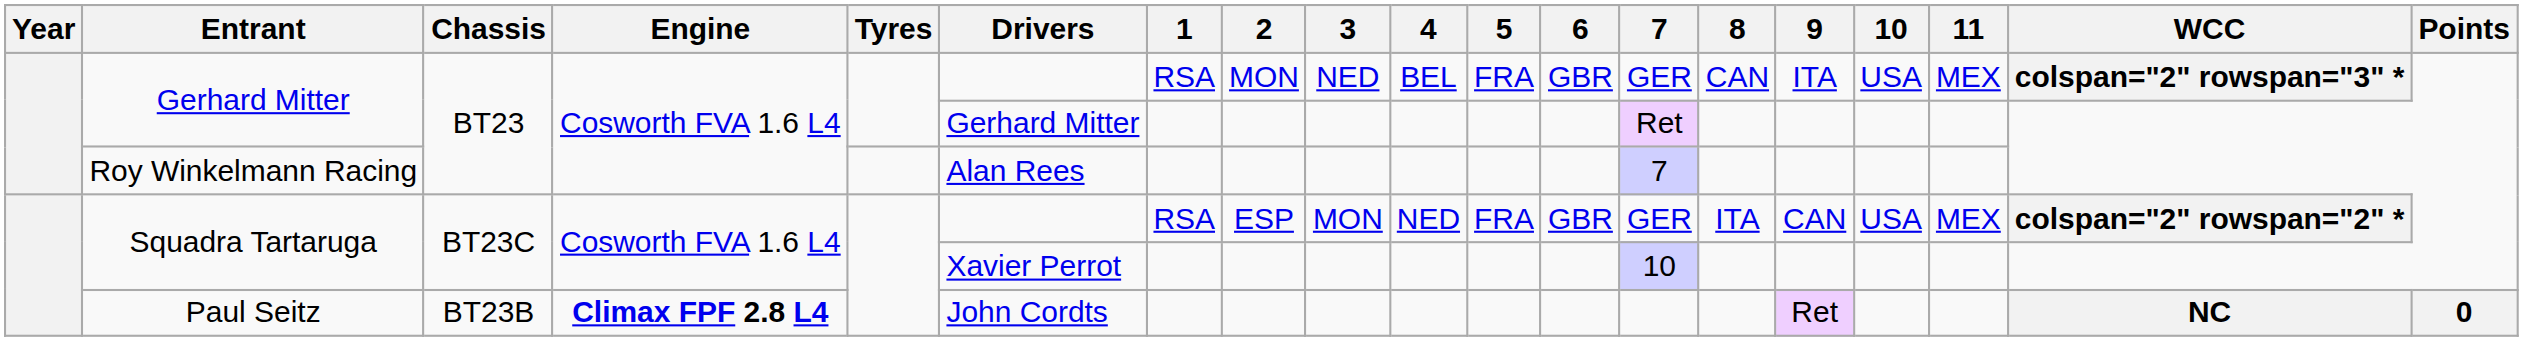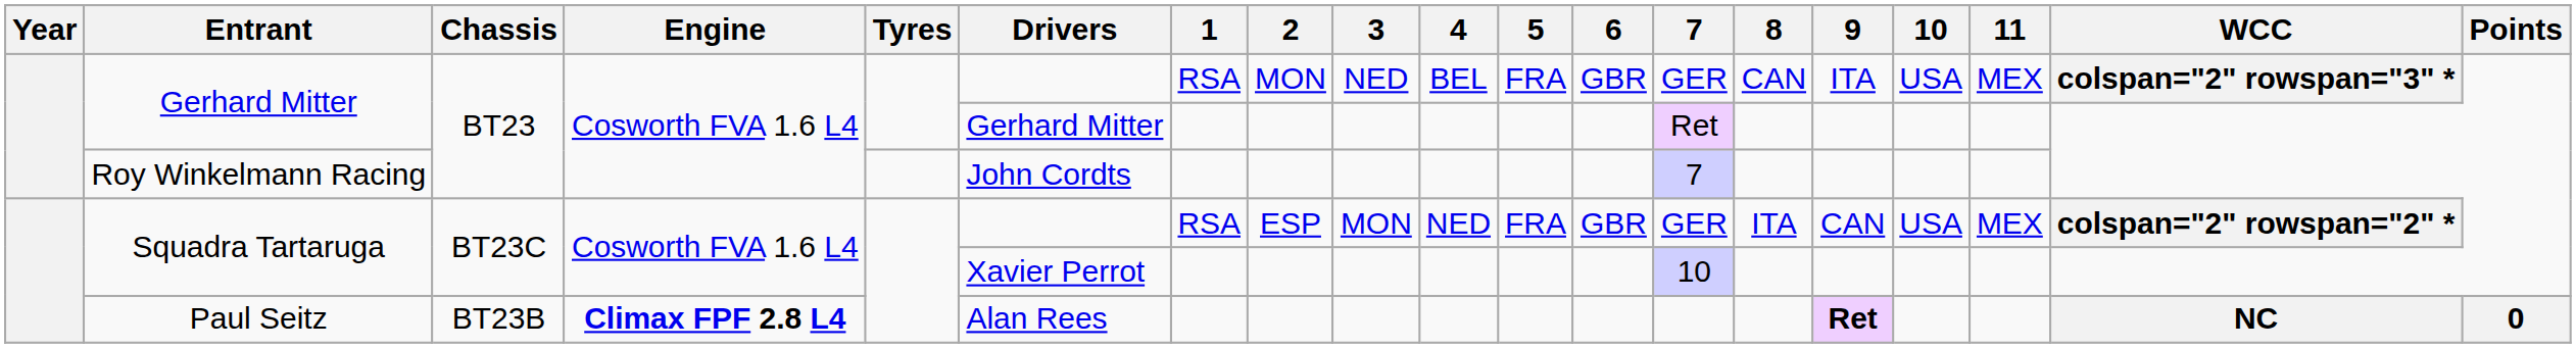 <table class="wikitable" style="font-size:90%; text-align:center">
 <tr>
 <th>Year</th>
 <th>Entrant</th>
 <th>Chassis</th>
 <th>Engine</th>
 <th>Tyres</th>
 <th>Drivers</th>
 <th>1</th>
 <th>2</th>
 <th>3</th>
 <th>4</th>
 <th>5</th>
 <th>6</th>
 <th>7</th>
 <th>8</th>
 <th>9</th>
 <th>10</th>
 <th>11</th>
 <th>WCC</th>
 <th>Points</th>
 </tr>
 <tr>
 <th rowspan="3"></th>
 <td rowspan="2"><a href='#'>Gerhard Mitter</a></td>
 <td rowspan="3">BT23</td>
 <td rowspan="3"><a href='#'>Cosworth FVA</a> 1.6 <a href='#'>L4</a></td>
 <td rowspan="2"></td>
 <td></td>
 <td><a href='#'>RSA</a></td>
 <td><a href='#'>MON</a></td>
 <td><a href='#'>NED</a></td>
 <td><a href='#'>BEL</a></td>
 <td><a href='#'>FRA</a></td>
 <td><a href='#'>GBR</a></td>
 <td><a href='#'>GER</a></td>
 <td><a href='#'>CAN</a></td>
 <td><a href='#'>ITA</a></td>
 <td><a href='#'>USA</a></td>
 <td><a href='#'>MEX</a></td>
 <th>colspan="2" rowspan="3" *</th>
 </tr>
 <tr>
 <td style="text-align:left"> <a href='#'>Gerhard Mitter</a></td>
 <td></td>
 <td></td>
 <td></td>
 <td></td>
 <td></td>
 <td></td>
 <td style="background:#EFCFFF;">Ret</td>
 <td></td>
 <td></td>
 <td></td>
 <td></td>
 </tr>
 <tr>
 <td>Roy Winkelmann Racing</td>
 <td></td>
-<td style="text-align:left"> <a href='#'>Alan Rees</a></td>
+<td style="text-align:left"> <a href='#'>John Cordts</a></td>
 <td></td>
 <td></td>
 <td></td>
 <td></td>
 <td></td>
 <td></td>
 <td style="background:#CFCFFF;">7</td>
 <td></td>
 <td></td>
 <td></td>
 <td></td>
 </tr>
 <tr>
 <th rowspan="3"></th>
 <td rowspan="2">Squadra Tartaruga</td>
 <td rowspan="2">BT23C</td>
 <td rowspan="2"><a href='#'>Cosworth FVA</a> 1.6 <a href='#'>L4</a></td>
 <td rowspan="3"></td>
 <td></td>
 <td><a href='#'>RSA</a></td>
 <td><a href='#'>ESP</a></td>
 <td><a href='#'>MON</a></td>
 <td><a href='#'>NED</a></td>
 <td><a href='#'>FRA</a></td>
 <td><a href='#'>GBR</a></td>
 <td><a href='#'>GER</a></td>
 <td><a href='#'>ITA</a></td>
 <td><a href='#'>CAN</a></td>
 <td><a href='#'>USA</a></td>
 <td><a href='#'>MEX</a></td>
 <th>colspan="2" rowspan="2" *</th>
 </tr>
 <tr>
 <td style="text-align:left"> <a href='#'>Xavier Perrot</a></td>
 <td></td>
 <td></td>
 <td></td>
 <td></td>
 <td></td>
 <td></td>
 <td style="background:#CFCFFF;">10</td>
 <td></td>
 <td></td>
 <td></td>
 <td></td>
 </tr>
 <tr>
 <td>Paul Seitz</td>
 <td>BT23B</td>
 <td><strong><a href='#'>Climax FPF</a> 2.8 <a href='#'>L4</a></strong></td>
-<td style="text-align:left"> <a href='#'>John Cordts</a></td>
+<td style="text-align:left"> <a href='#'>Alan Rees</a></td>
 <td></td>
 <td></td>
 <td></td>
 <td></td>
 <td></td>
 <td></td>
 <td></td>
 <td></td>
-<td style="background:#EFCFFF;">Ret</td>
+<td style="background:#EFCFFF;"><strong>Ret</strong></td>
 <td></td>
 <td></td>
 <th>NC</th>
 <th>0</th>
 </tr>
 </table>
